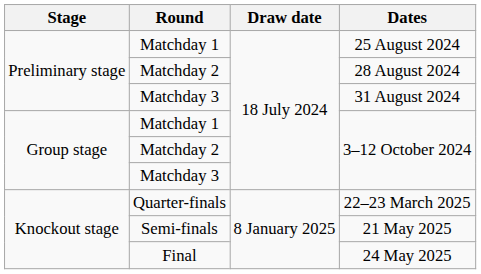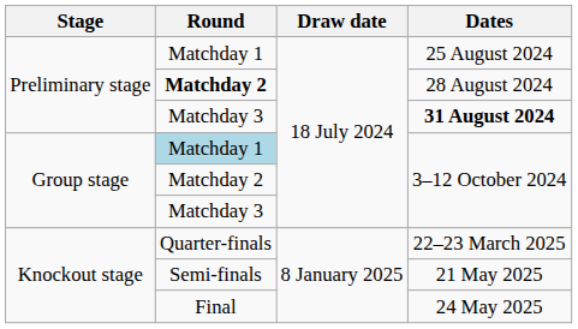 <table class="wikitable" style="text-align:center">
 <tr>
 <th>Stage</th>
 <th>Round</th>
 <th>Draw date</th>
 <th>Dates</th>
 </tr>
 <tr>
 <td rowspan=3>Preliminary stage</td>
 <td>Matchday 1</td>
 <td rowspan=6>18 July 2024</td>
 <td rowspan=1>25 August 2024</td>
 </tr>
 <tr>
-<td>Matchday 2</td>
+<td><strong>Matchday 2</strong></td>
 <td rowspan=1>28 August 2024</td>
 </tr>
 <tr>
 <td>Matchday 3</td>
-<td rowspan=1>31 August 2024</td>
+<td rowspan=1><strong>31 August 2024</strong></td>
 </tr>
 <tr>
 <td rowspan=3>Group stage</td>
-<td>Matchday 1</td>
+<td style="background: lightblue;">Matchday 1</td>
 <td rowspan=3>3–12 October 2024</td>
 </tr>
 <tr>
 <td>Matchday 2</td>
 </tr>
 <tr>
 <td>Matchday 3</td>
 </tr>
 <tr>
 <td rowspan=3>Knockout stage</td>
 <td>Quarter-finals</td>
 <td rowspan=3>8 January 2025</td>
 <td colspan=1>22–23 March 2025</td>
 </tr>
 <tr>
 <td>Semi-finals</td>
 <td rowspan=1>21 May 2025</td>
 </tr>
 <tr>
 <td>Final</td>
 <td rowspan=1>24 May 2025</td>
 </tr>
 </table>
